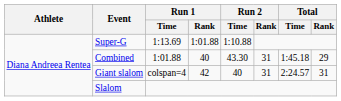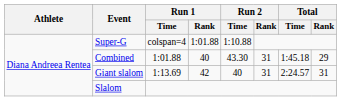 <table class="wikitable" style="font-size:90%">
 <tr>
 <th rowspan=2>Athlete</th>
 <th rowspan=2>Event</th>
 <th colspan=2>Run 1</th>
 <th colspan=2>Run 2</th>
 <th colspan=2>Total</th>
 </tr>
 <tr style="font-size:95%">
 <th>Time</th>
 <th>Rank</th>
 <th>Time</th>
 <th>Rank</th>
 <th>Time</th>
 <th>Rank</th>
 </tr>
 <tr align=center>
 <td align="left" rowspan="4"><a href='#'>Diana Andreea Rentea</a></td>
 <td align="left"><a href='#'>Super-G</a></td>
-<td>1:13.69</td>
+<td>colspan=4</td>
 <td>1:01.88</td>
 <td>1:10.88</td>
 </tr>
 <tr align=center>
 <td align="left"><a href='#'>Combined</a></td>
 <td>1:01.88</td>
 <td>40</td>
 <td>43.30</td>
 <td>31</td>
 <td>1:45.18</td>
 <td>29</td>
 </tr>
 <tr align=center>
 <td align="left"><a href='#'>Giant slalom</a></td>
-<td>colspan=4</td>
+<td>1:13.69</td>
 <td>42</td>
 <td>40</td>
 <td>31</td>
 <td>2:24.57</td>
 <td>31</td>
 </tr>
 <tr align=center>
 <td align="left"><a href='#'>Slalom</a></td>
 <td colspan=6></td>
 </tr>
 </table>
